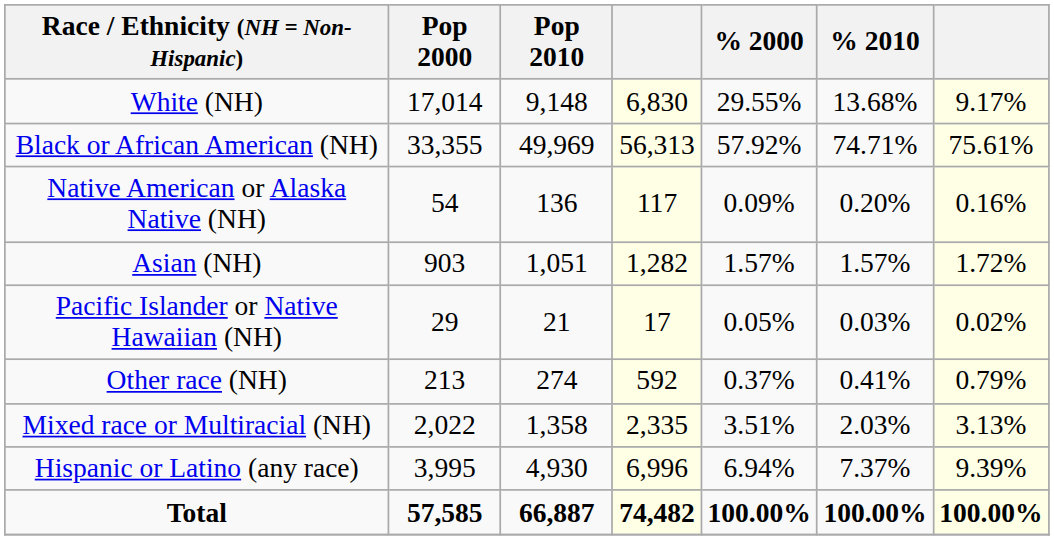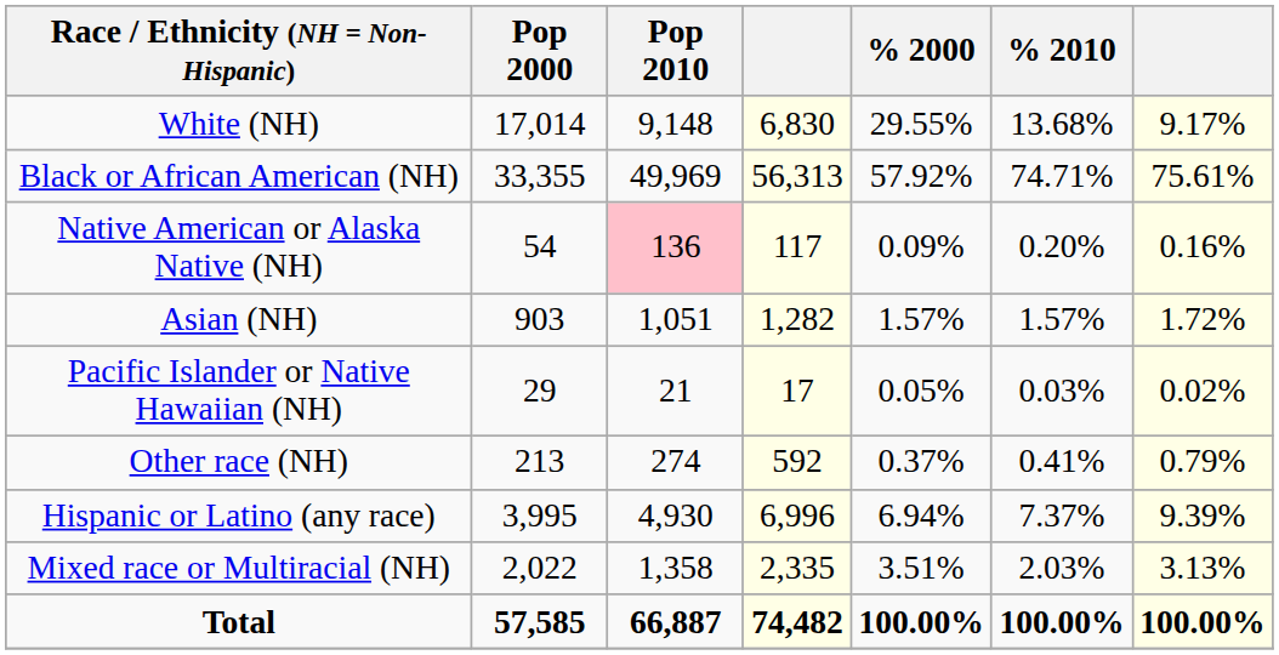 <table class="wikitable" style="text-align:center;">
 <tr>
 <th>Race / Ethnicity <small>(<em>NH = Non-Hispanic</em>)</small></th>
 <th>Pop 2000</th>
 <th>Pop 2010</th>
 <th></th>
 <th>% 2000</th>
 <th>% 2010</th>
 <th></th>
 </tr>
 <tr>
 <td><a href='#'>White</a> (NH)</td>
 <td>17,014</td>
 <td>9,148</td>
 <td style='background: #ffffe6;'>6,830</td>
 <td>29.55%</td>
 <td>13.68%</td>
 <td style='background: #ffffe6;'>9.17%</td>
 </tr>
 <tr>
 <td><a href='#'>Black or African American</a> (NH)</td>
 <td>33,355</td>
 <td>49,969</td>
 <td style='background: #ffffe6;'>56,313</td>
 <td>57.92%</td>
 <td>74.71%</td>
 <td style='background: #ffffe6;'>75.61%</td>
 </tr>
 <tr>
 <td><a href='#'>Native American</a> or <a href='#'>Alaska Native</a> (NH)</td>
 <td>54</td>
-<td>136</td>
+<td style="background: pink;">136</td>
 <td style='background: #ffffe6;'>117</td>
 <td>0.09%</td>
 <td>0.20%</td>
 <td style='background: #ffffe6;'>0.16%</td>
 </tr>
 <tr>
 <td><a href='#'>Asian</a> (NH)</td>
 <td>903</td>
 <td>1,051</td>
 <td style='background: #ffffe6;'>1,282</td>
 <td>1.57%</td>
 <td>1.57%</td>
 <td style='background: #ffffe6;'>1.72%</td>
 </tr>
 <tr>
 <td><a href='#'>Pacific Islander</a> or <a href='#'>Native Hawaiian</a> (NH)</td>
 <td>29</td>
 <td>21</td>
 <td style='background: #ffffe6;'>17</td>
 <td>0.05%</td>
 <td>0.03%</td>
 <td style='background: #ffffe6;'>0.02%</td>
 </tr>
 <tr>
 <td><a href='#'>Other race</a> (NH)</td>
 <td>213</td>
 <td>274</td>
 <td style='background: #ffffe6;'>592</td>
 <td>0.37%</td>
 <td>0.41%</td>
 <td style='background: #ffffe6;'>0.79%</td>
 </tr>
 <tr>
+<td><a href='#'>Hispanic or Latino</a> (any race)</td>
+<td>3,995</td>
+<td>4,930</td>
+<td style='background: #ffffe6;'>6,996</td>
+<td>6.94%</td>
+<td>7.37%</td>
+<td style='background: #ffffe6;'>9.39%</td>
+</tr>
+<tr>
 <td><a href='#'>Mixed race or Multiracial</a> (NH)</td>
 <td>2,022</td>
 <td>1,358</td>
 <td style='background: #ffffe6;'>2,335</td>
 <td>3.51%</td>
 <td>2.03%</td>
 <td style='background: #ffffe6;'>3.13%</td>
-</tr>
-<tr>
-<td><a href='#'>Hispanic or Latino</a> (any race)</td>
-<td>3,995</td>
-<td>4,930</td>
-<td style='background: #ffffe6;'>6,996</td>
-<td>6.94%</td>
-<td>7.37%</td>
-<td style='background: #ffffe6;'>9.39%</td>
 </tr>
 <tr>
 <td><strong>Total</strong></td>
 <td><strong>57,585</strong></td>
 <td><strong>66,887</strong></td>
 <td style='background: #ffffe6;'><strong>74,482</strong></td>
 <td><strong>100.00%</strong></td>
 <td><strong>100.00%</strong></td>
 <td style='background: #ffffe6;'><strong>100.00%</strong></td>
 </tr>
 <tr>
 </tr>
 </table>
